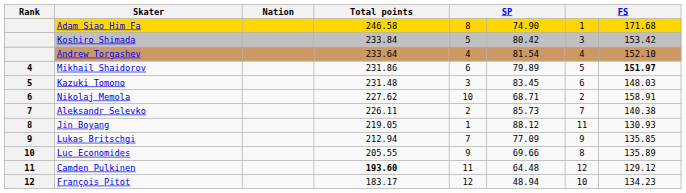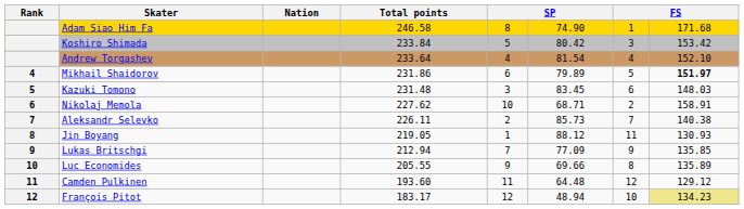 <table class="wikitable sortable" style="text-align:center;" width="80%">
 <tr>
 <th scope="col">Rank</th>
 <th scope="col">Skater</th>
 <th scope="col">Nation</th>
 <th scope="col">Total points</th>
 <th scope="col" colspan="2" width="80px"><a href='#'>SP</a></th>
 <th scope="col" colspan="2" width="80px"><a href='#'>FS</a></th>
 </tr>
 <tr bgcolor="gold">
 <th scope="row"></th>
 <td align="left"><a href='#'>Adam Siao Him Fa</a></td>
 <td align="left"></td>
 <td>246.58</td>
 <td>8</td>
 <td>74.90</td>
 <td>1</td>
 <td>171.68</td>
 </tr>
 <tr bgcolor="silver">
 <th scope="row"></th>
 <td align="left"><a href='#'>Koshiro Shimada</a></td>
 <td align="left"></td>
 <td>233.84</td>
 <td>5</td>
 <td>80.42</td>
 <td>3</td>
 <td>153.42</td>
 </tr>
 <tr bgcolor="cc9966">
 <th scope="row"></th>
 <td align="left"><a href='#'>Andrew Torgashev</a></td>
 <td align="left"></td>
 <td>233.64</td>
 <td>4</td>
 <td>81.54</td>
 <td>4</td>
 <td>152.10</td>
 </tr>
 <tr>
 <th scope="row">4</th>
 <td align="left"><a href='#'>Mikhail Shaidorov</a></td>
 <td align="left"></td>
 <td>231.86</td>
 <td>6</td>
 <td>79.89</td>
 <td>5</td>
 <td><strong>151.97</strong></td>
 </tr>
 <tr>
 <th scope="row">5</th>
 <td align="left"><a href='#'>Kazuki Tomono</a></td>
 <td align="left"></td>
 <td>231.48</td>
 <td>3</td>
 <td>83.45</td>
 <td>6</td>
 <td>148.03</td>
 </tr>
 <tr>
 <th scope="row">6</th>
 <td align="left"><a href='#'>Nikolaj Memola</a></td>
 <td align="left"></td>
 <td>227.62</td>
 <td>10</td>
 <td>68.71</td>
 <td>2</td>
 <td>158.91</td>
 </tr>
 <tr>
 <th scope="row">7</th>
 <td align="left"><a href='#'>Aleksandr Selevko</a></td>
 <td align="left"></td>
 <td>226.11</td>
 <td>2</td>
 <td>85.73</td>
 <td>7</td>
 <td>140.38</td>
 </tr>
 <tr>
 <th scope="row">8</th>
 <td align="left"><a href='#'>Jin Boyang</a></td>
 <td align="left"></td>
 <td>219.05</td>
 <td>1</td>
 <td>88.12</td>
 <td>11</td>
 <td>130.93</td>
 </tr>
 <tr>
 <th scope="row">9</th>
 <td align="left"><a href='#'>Lukas Britschgi</a></td>
 <td align="left"></td>
 <td>212.94</td>
 <td>7</td>
 <td>77.09</td>
 <td>9</td>
 <td>135.85</td>
 </tr>
 <tr>
 <th scope="row">10</th>
 <td align="left"><a href='#'>Luc Economides</a></td>
 <td align="left"></td>
 <td>205.55</td>
 <td>9</td>
 <td>69.66</td>
 <td>8</td>
 <td>135.89</td>
 </tr>
 <tr>
 <th scope="row">11</th>
 <td align="left"><a href='#'>Camden Pulkinen</a></td>
 <td align="left"></td>
-<td><strong>193.60</strong></td>
+<td>193.60</td>
 <td>11</td>
 <td>64.48</td>
 <td>12</td>
 <td>129.12</td>
 </tr>
 <tr>
 <th scope="row">12</th>
 <td align="left"><a href='#'>François Pitot</a></td>
 <td align="left"></td>
 <td>183.17</td>
 <td>12</td>
 <td>48.94</td>
 <td>10</td>
-<td>134.23</td>
+<td style="background: khaki;">134.23</td>
 </tr>
 </table>
